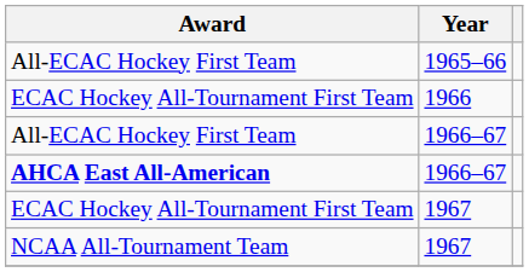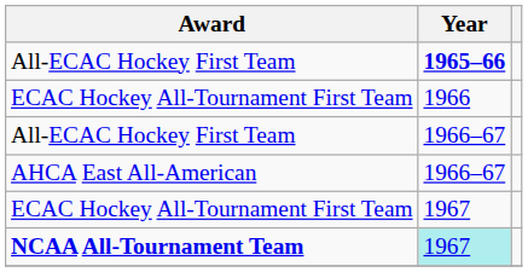 <table class="wikitable">
 <tr>
 <th>Award</th>
 <th>Year</th>
 <th></th>
 </tr>
 <tr>
 <td>All-<a href='#'>ECAC Hockey</a> <a href='#'>First Team</a></td>
-<td><a href='#'>1965–66</a></td>
+<td><strong><a href='#'>1965–66</a></strong></td>
 <td></td>
 </tr>
 <tr>
 <td><a href='#'>ECAC Hockey</a> <a href='#'>All-Tournament First Team</a></td>
 <td><a href='#'>1966</a></td>
 <td></td>
 </tr>
 <tr>
 <td>All-<a href='#'>ECAC Hockey</a> <a href='#'>First Team</a></td>
 <td><a href='#'>1966–67</a></td>
 <td></td>
 </tr>
 <tr>
-<td><strong><a href='#'>AHCA</a> <a href='#'>East All-American</a></strong></td>
+<td><a href='#'>AHCA</a> <a href='#'>East All-American</a></td>
 <td><a href='#'>1966–67</a></td>
 <td></td>
 </tr>
 <tr>
 <td><a href='#'>ECAC Hockey</a> <a href='#'>All-Tournament First Team</a></td>
 <td><a href='#'>1967</a></td>
 <td></td>
 </tr>
 <tr>
-<td><a href='#'>NCAA</a> <a href='#'>All-Tournament Team</a></td>
-<td><a href='#'>1967</a></td>
+<td><strong><a href='#'>NCAA</a> <a href='#'>All-Tournament Team</a></strong></td>
+<td style="background: paleturquoise;"><a href='#'>1967</a></td>
 <td></td>
 </tr>
 <tr>
 </tr>
 </table>
